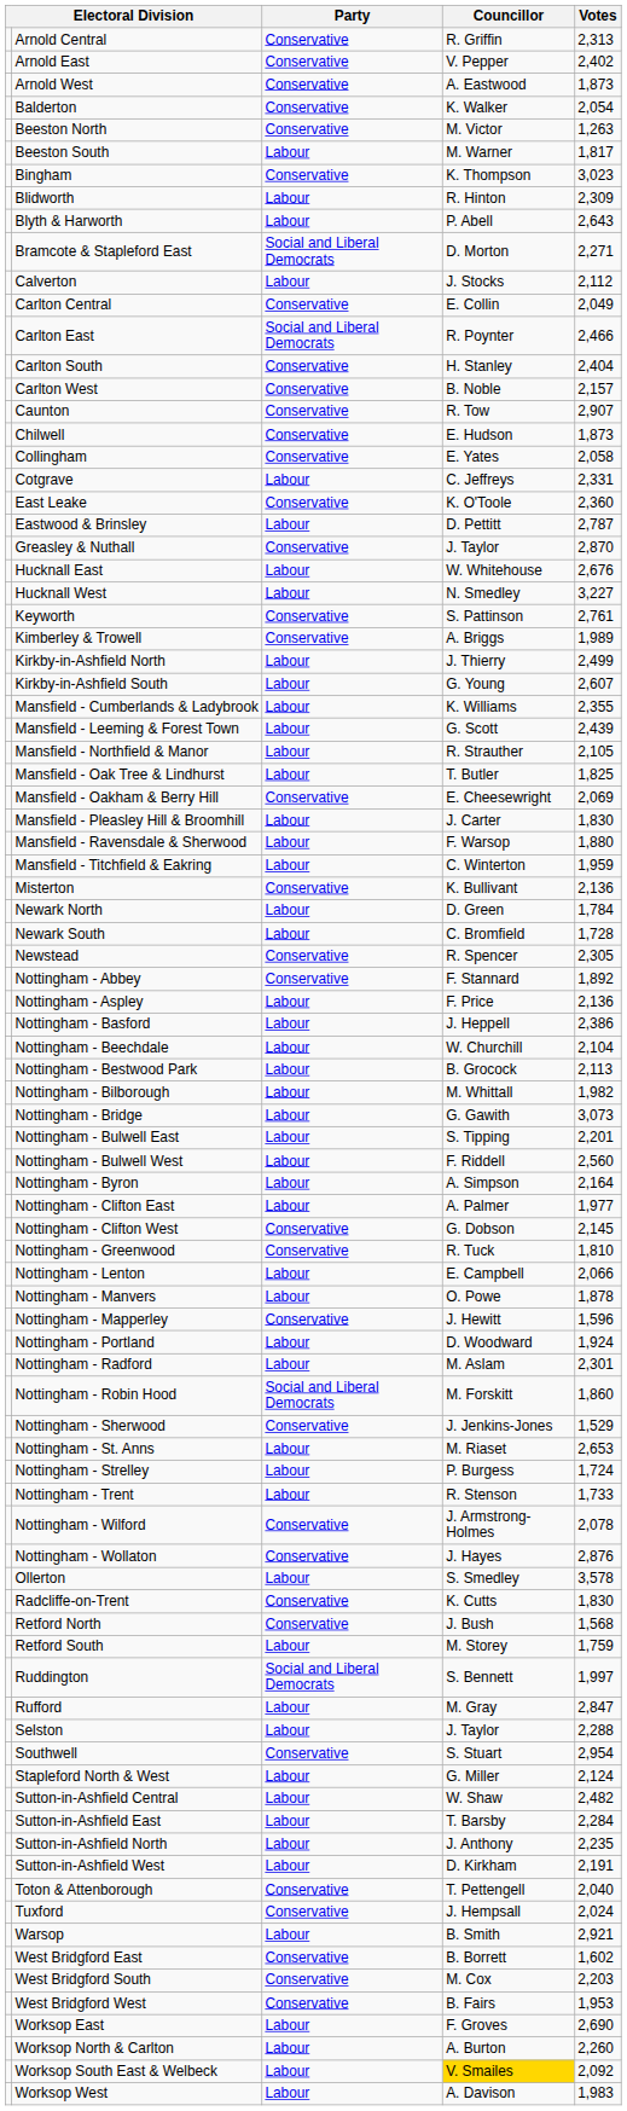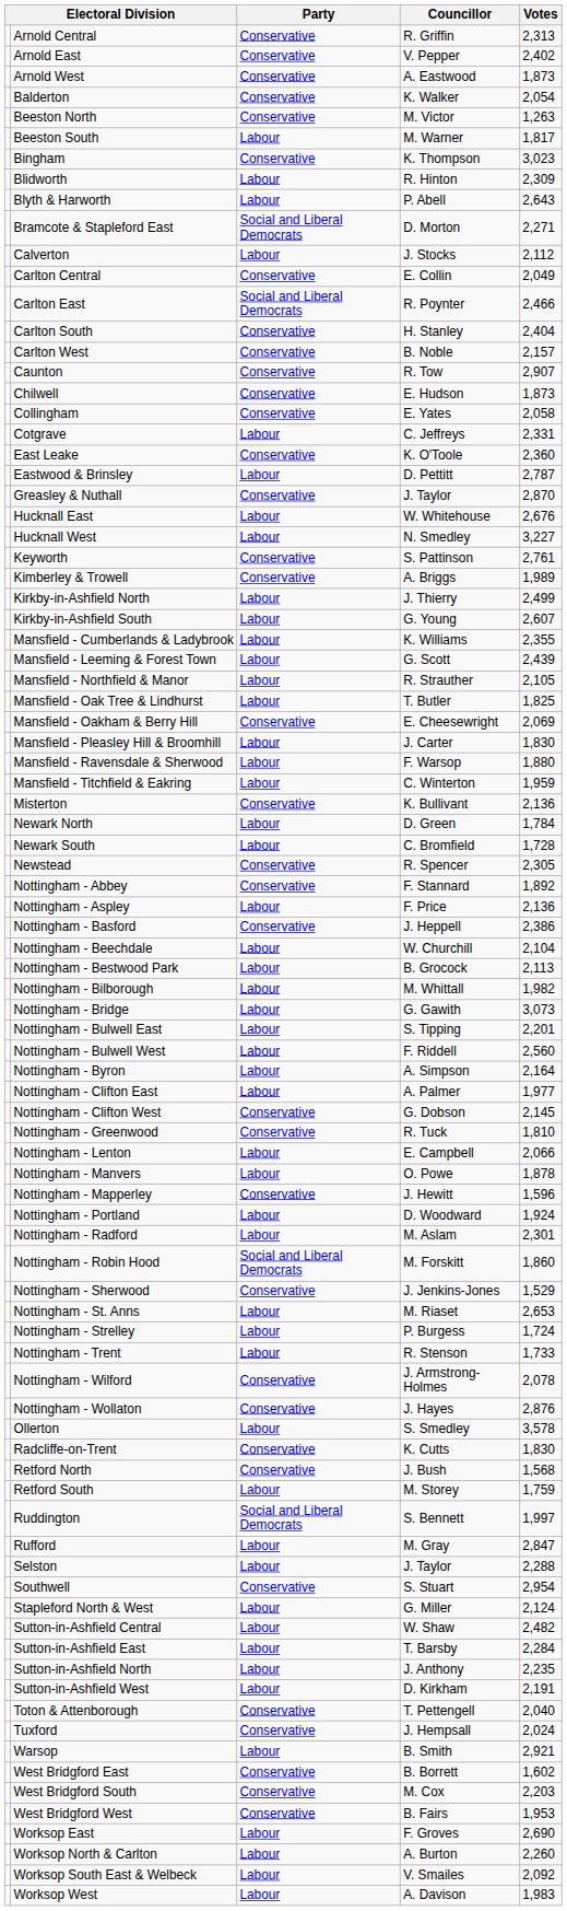 <table class="wikitable">
 <tr>
 <th colspan="2">Electoral Division</th>
 <th width="195px">Party</th>
 <th width="140px">Councillor</th>
 <th width="45px">Votes</th>
 </tr>
 <tr>
 <td style="color:inherit;background:"></td>
 <td>Arnold Central</td>
 <td><a href='#'>Conservative</a></td>
 <td>R. Griffin</td>
 <td>2,313</td>
 </tr>
 <tr>
 <td style="color:inherit;background:"></td>
 <td>Arnold East</td>
 <td><a href='#'>Conservative</a></td>
 <td>V. Pepper</td>
 <td>2,402</td>
 </tr>
 <tr>
 <td style="color:inherit;background:"></td>
 <td>Arnold West</td>
 <td><a href='#'>Conservative</a></td>
 <td>A. Eastwood</td>
 <td>1,873</td>
 </tr>
 <tr>
 <td style="color:inherit;background:"></td>
 <td>Balderton</td>
 <td><a href='#'>Conservative</a></td>
 <td>K. Walker</td>
 <td>2,054</td>
 </tr>
 <tr>
 <td style="color:inherit;background:"></td>
 <td>Beeston North</td>
 <td><a href='#'>Conservative</a></td>
 <td>M. Victor</td>
 <td>1,263</td>
 </tr>
 <tr>
 <td style="color:inherit;background:"></td>
 <td>Beeston South</td>
 <td><a href='#'>Labour</a></td>
 <td>M. Warner</td>
 <td>1,817</td>
 </tr>
 <tr>
 <td style="color:inherit;background:"></td>
 <td>Bingham</td>
 <td><a href='#'>Conservative</a></td>
 <td>K. Thompson</td>
 <td>3,023</td>
 </tr>
 <tr>
 <td style="color:inherit;background:"></td>
 <td>Blidworth</td>
 <td><a href='#'>Labour</a></td>
 <td>R. Hinton</td>
 <td>2,309</td>
 </tr>
 <tr>
 <td style="color:inherit;background:"></td>
 <td>Blyth & Harworth</td>
 <td><a href='#'>Labour</a></td>
 <td>P. Abell</td>
 <td>2,643</td>
 </tr>
 <tr>
 <td style="color:inherit;background:"></td>
 <td>Bramcote & Stapleford East</td>
 <td><a href='#'>Social and Liberal Democrats</a></td>
 <td>D. Morton</td>
 <td>2,271</td>
 </tr>
 <tr>
 <td style="color:inherit;background:"></td>
 <td>Calverton</td>
 <td><a href='#'>Labour</a></td>
 <td>J. Stocks</td>
 <td>2,112</td>
 </tr>
 <tr>
 <td style="color:inherit;background:"></td>
 <td>Carlton Central</td>
 <td><a href='#'>Conservative</a></td>
 <td>E. Collin</td>
 <td>2,049</td>
 </tr>
 <tr>
 <td style="color:inherit;background:"></td>
 <td>Carlton East</td>
 <td><a href='#'>Social and Liberal Democrats</a></td>
 <td>R. Poynter</td>
 <td>2,466</td>
 </tr>
 <tr>
 <td style="color:inherit;background:"></td>
 <td>Carlton South</td>
 <td><a href='#'>Conservative</a></td>
 <td>H. Stanley</td>
 <td>2,404</td>
 </tr>
 <tr>
 <td style="color:inherit;background:"></td>
 <td>Carlton West</td>
 <td><a href='#'>Conservative</a></td>
 <td>B. Noble</td>
 <td>2,157</td>
 </tr>
 <tr>
 <td style="color:inherit;background:"></td>
 <td>Caunton</td>
 <td><a href='#'>Conservative</a></td>
 <td>R. Tow</td>
 <td>2,907</td>
 </tr>
 <tr>
 <td style="color:inherit;background:"></td>
 <td>Chilwell</td>
 <td><a href='#'>Conservative</a></td>
 <td>E. Hudson</td>
 <td>1,873</td>
 </tr>
 <tr>
 <td style="color:inherit;background:"></td>
 <td>Collingham</td>
 <td><a href='#'>Conservative</a></td>
 <td>E. Yates</td>
 <td>2,058</td>
 </tr>
 <tr>
 <td style="color:inherit;background:"></td>
 <td>Cotgrave</td>
 <td><a href='#'>Labour</a></td>
 <td>C. Jeffreys</td>
 <td>2,331</td>
 </tr>
 <tr>
 <td style="color:inherit;background:"></td>
 <td>East Leake</td>
 <td><a href='#'>Conservative</a></td>
 <td>K. O'Toole</td>
 <td>2,360</td>
 </tr>
 <tr>
 <td style="color:inherit;background:"></td>
 <td>Eastwood & Brinsley</td>
 <td><a href='#'>Labour</a></td>
 <td>D. Pettitt</td>
 <td>2,787</td>
 </tr>
 <tr>
 <td style="color:inherit;background:"></td>
 <td>Greasley & Nuthall</td>
 <td><a href='#'>Conservative</a></td>
 <td>J. Taylor</td>
 <td>2,870</td>
 </tr>
 <tr>
 <td style="color:inherit;background:"></td>
 <td>Hucknall East</td>
 <td><a href='#'>Labour</a></td>
 <td>W. Whitehouse</td>
 <td>2,676</td>
 </tr>
 <tr>
 <td style="color:inherit;background:"></td>
 <td>Hucknall West</td>
 <td><a href='#'>Labour</a></td>
 <td>N. Smedley</td>
 <td>3,227</td>
 </tr>
 <tr>
 <td style="color:inherit;background:"></td>
 <td>Keyworth</td>
 <td><a href='#'>Conservative</a></td>
 <td>S. Pattinson</td>
 <td>2,761</td>
 </tr>
 <tr>
 <td style="color:inherit;background:"></td>
 <td>Kimberley & Trowell</td>
 <td><a href='#'>Conservative</a></td>
 <td>A. Briggs</td>
 <td>1,989</td>
 </tr>
 <tr>
 <td style="color:inherit;background:"></td>
 <td>Kirkby-in-Ashfield North</td>
 <td><a href='#'>Labour</a></td>
 <td>J. Thierry</td>
 <td>2,499</td>
 </tr>
 <tr>
 <td style="color:inherit;background:"></td>
 <td>Kirkby-in-Ashfield South</td>
 <td><a href='#'>Labour</a></td>
 <td>G. Young</td>
 <td>2,607</td>
 </tr>
 <tr>
 <td style="color:inherit;background:"></td>
 <td>Mansfield - Cumberlands & Ladybrook</td>
 <td><a href='#'>Labour</a></td>
 <td>K. Williams</td>
 <td>2,355</td>
 </tr>
 <tr>
 <td style="color:inherit;background:"></td>
 <td>Mansfield - Leeming & Forest Town</td>
 <td><a href='#'>Labour</a></td>
 <td>G. Scott</td>
 <td>2,439</td>
 </tr>
 <tr>
 <td style="color:inherit;background:"></td>
 <td>Mansfield - Northfield & Manor</td>
 <td><a href='#'>Labour</a></td>
 <td>R. Strauther</td>
 <td>2,105</td>
 </tr>
 <tr>
 <td style="color:inherit;background:"></td>
 <td>Mansfield - Oak Tree & Lindhurst</td>
 <td><a href='#'>Labour</a></td>
 <td>T. Butler</td>
 <td>1,825</td>
 </tr>
 <tr>
 <td style="color:inherit;background:"></td>
 <td>Mansfield - Oakham & Berry Hill</td>
 <td><a href='#'>Conservative</a></td>
 <td>E. Cheesewright</td>
 <td>2,069</td>
 </tr>
 <tr>
 <td style="color:inherit;background:"></td>
 <td>Mansfield - Pleasley Hill & Broomhill</td>
 <td><a href='#'>Labour</a></td>
 <td>J. Carter</td>
 <td>1,830</td>
 </tr>
 <tr>
 <td style="color:inherit;background:"></td>
 <td>Mansfield - Ravensdale & Sherwood</td>
 <td><a href='#'>Labour</a></td>
 <td>F. Warsop</td>
 <td>1,880</td>
 </tr>
 <tr>
 <td style="color:inherit;background:"></td>
 <td>Mansfield - Titchfield & Eakring</td>
 <td><a href='#'>Labour</a></td>
 <td>C. Winterton</td>
 <td>1,959</td>
 </tr>
 <tr>
 <td style="color:inherit;background:"></td>
 <td>Misterton</td>
 <td><a href='#'>Conservative</a></td>
 <td>K. Bullivant</td>
 <td>2,136</td>
 </tr>
 <tr>
 <td style="color:inherit;background:"></td>
 <td>Newark North</td>
 <td><a href='#'>Labour</a></td>
 <td>D. Green</td>
 <td>1,784</td>
 </tr>
 <tr>
 <td style="color:inherit;background:"></td>
 <td>Newark South</td>
 <td><a href='#'>Labour</a></td>
 <td>C. Bromfield</td>
 <td>1,728</td>
 </tr>
 <tr>
 <td style="color:inherit;background:"></td>
 <td>Newstead</td>
 <td><a href='#'>Conservative</a></td>
 <td>R. Spencer</td>
 <td>2,305</td>
 </tr>
 <tr>
 <td style="color:inherit;background:"></td>
 <td>Nottingham - Abbey</td>
 <td><a href='#'>Conservative</a></td>
 <td>F. Stannard</td>
 <td>1,892</td>
 </tr>
 <tr>
 <td style="color:inherit;background:"></td>
 <td>Nottingham - Aspley</td>
 <td><a href='#'>Labour</a></td>
 <td>F. Price</td>
 <td>2,136</td>
 </tr>
 <tr>
 <td style="color:inherit;background:"></td>
 <td>Nottingham - Basford</td>
-<td><a href='#'>Labour</a></td>
+<td><a href='#'>Conservative</a></td>
 <td>J. Heppell</td>
 <td>2,386</td>
 </tr>
 <tr>
 <td style="color:inherit;background:"></td>
 <td>Nottingham - Beechdale</td>
 <td><a href='#'>Labour</a></td>
 <td>W. Churchill</td>
 <td>2,104</td>
 </tr>
 <tr>
 <td style="color:inherit;background:"></td>
 <td>Nottingham - Bestwood Park</td>
 <td><a href='#'>Labour</a></td>
 <td>B. Grocock</td>
 <td>2,113</td>
 </tr>
 <tr>
 <td style="color:inherit;background:"></td>
 <td>Nottingham - Bilborough</td>
 <td><a href='#'>Labour</a></td>
 <td>M. Whittall</td>
 <td>1,982</td>
 </tr>
 <tr>
 <td style="color:inherit;background:"></td>
 <td>Nottingham - Bridge</td>
 <td><a href='#'>Labour</a></td>
 <td>G. Gawith</td>
 <td>3,073</td>
 </tr>
 <tr>
 <td style="color:inherit;background:"></td>
 <td>Nottingham - Bulwell East</td>
 <td><a href='#'>Labour</a></td>
 <td>S. Tipping</td>
 <td>2,201</td>
 </tr>
 <tr>
 <td style="color:inherit;background:"></td>
 <td>Nottingham - Bulwell West</td>
 <td><a href='#'>Labour</a></td>
 <td>F. Riddell</td>
 <td>2,560</td>
 </tr>
 <tr>
 <td style="color:inherit;background:"></td>
 <td>Nottingham - Byron</td>
 <td><a href='#'>Labour</a></td>
 <td>A. Simpson</td>
 <td>2,164</td>
 </tr>
 <tr>
 <td style="color:inherit;background:"></td>
 <td>Nottingham - Clifton East</td>
 <td><a href='#'>Labour</a></td>
 <td>A. Palmer</td>
 <td>1,977</td>
 </tr>
 <tr>
 <td style="color:inherit;background:"></td>
 <td>Nottingham - Clifton West</td>
 <td><a href='#'>Conservative</a></td>
 <td>G. Dobson</td>
 <td>2,145</td>
 </tr>
 <tr>
 <td style="color:inherit;background:"></td>
 <td>Nottingham - Greenwood</td>
 <td><a href='#'>Conservative</a></td>
 <td>R. Tuck</td>
 <td>1,810</td>
 </tr>
 <tr>
 <td style="color:inherit;background:"></td>
 <td>Nottingham - Lenton</td>
 <td><a href='#'>Labour</a></td>
 <td>E. Campbell</td>
 <td>2,066</td>
 </tr>
 <tr>
 <td style="color:inherit;background:"></td>
 <td>Nottingham - Manvers</td>
 <td><a href='#'>Labour</a></td>
 <td>O. Powe</td>
 <td>1,878</td>
 </tr>
 <tr>
 <td style="color:inherit;background:"></td>
 <td>Nottingham - Mapperley</td>
 <td><a href='#'>Conservative</a></td>
 <td>J. Hewitt</td>
 <td>1,596</td>
 </tr>
 <tr>
 <td style="color:inherit;background:"></td>
 <td>Nottingham - Portland</td>
 <td><a href='#'>Labour</a></td>
 <td>D. Woodward</td>
 <td>1,924</td>
 </tr>
 <tr>
 <td style="color:inherit;background:"></td>
 <td>Nottingham - Radford</td>
 <td><a href='#'>Labour</a></td>
 <td>M. Aslam</td>
 <td>2,301</td>
 </tr>
 <tr>
 <td style="color:inherit;background:"></td>
 <td>Nottingham - Robin Hood</td>
 <td><a href='#'>Social and Liberal Democrats</a></td>
 <td>M. Forskitt</td>
 <td>1,860</td>
 </tr>
 <tr>
 <td style="color:inherit;background:"></td>
 <td>Nottingham - Sherwood</td>
 <td><a href='#'>Conservative</a></td>
 <td>J. Jenkins-Jones</td>
 <td>1,529</td>
 </tr>
 <tr>
 <td style="color:inherit;background:"></td>
 <td>Nottingham - St. Anns</td>
 <td><a href='#'>Labour</a></td>
 <td>M. Riaset</td>
 <td>2,653</td>
 </tr>
 <tr>
 <td style="color:inherit;background:"></td>
 <td>Nottingham - Strelley</td>
 <td><a href='#'>Labour</a></td>
 <td>P. Burgess</td>
 <td>1,724</td>
 </tr>
 <tr>
 <td style="color:inherit;background:"></td>
 <td>Nottingham - Trent</td>
 <td><a href='#'>Labour</a></td>
 <td>R. Stenson</td>
 <td>1,733</td>
 </tr>
 <tr>
 <td style="color:inherit;background:"></td>
 <td>Nottingham - Wilford</td>
 <td><a href='#'>Conservative</a></td>
 <td>J. Armstrong-Holmes</td>
 <td>2,078</td>
 </tr>
 <tr>
 <td style="color:inherit;background:"></td>
 <td>Nottingham - Wollaton</td>
 <td><a href='#'>Conservative</a></td>
 <td>J. Hayes</td>
 <td>2,876</td>
 </tr>
 <tr>
 <td style="color:inherit;background:"></td>
 <td>Ollerton</td>
 <td><a href='#'>Labour</a></td>
 <td>S. Smedley</td>
 <td>3,578</td>
 </tr>
 <tr>
 <td style="color:inherit;background:"></td>
 <td>Radcliffe-on-Trent</td>
 <td><a href='#'>Conservative</a></td>
 <td>K. Cutts</td>
 <td>1,830</td>
 </tr>
 <tr>
 <td style="color:inherit;background:"></td>
 <td>Retford North</td>
 <td><a href='#'>Conservative</a></td>
 <td>J. Bush</td>
 <td>1,568</td>
 </tr>
 <tr>
 <td style="color:inherit;background:"></td>
 <td>Retford South</td>
 <td><a href='#'>Labour</a></td>
 <td>M. Storey</td>
 <td>1,759</td>
 </tr>
 <tr>
 <td style="color:inherit;background:"></td>
 <td>Ruddington</td>
 <td><a href='#'>Social and Liberal Democrats</a></td>
 <td>S. Bennett</td>
 <td>1,997</td>
 </tr>
 <tr>
 <td style="color:inherit;background:"></td>
 <td>Rufford</td>
 <td><a href='#'>Labour</a></td>
 <td>M. Gray</td>
 <td>2,847</td>
 </tr>
 <tr>
 <td style="color:inherit;background:"></td>
 <td>Selston</td>
 <td><a href='#'>Labour</a></td>
 <td>J. Taylor</td>
 <td>2,288</td>
 </tr>
 <tr>
 <td style="color:inherit;background:"></td>
 <td>Southwell</td>
 <td><a href='#'>Conservative</a></td>
 <td>S. Stuart</td>
 <td>2,954</td>
 </tr>
 <tr>
 <td style="color:inherit;background:"></td>
 <td>Stapleford North & West</td>
 <td><a href='#'>Labour</a></td>
 <td>G. Miller</td>
 <td>2,124</td>
 </tr>
 <tr>
 <td style="color:inherit;background:"></td>
 <td>Sutton-in-Ashfield Central</td>
 <td><a href='#'>Labour</a></td>
 <td>W. Shaw</td>
 <td>2,482</td>
 </tr>
 <tr>
 <td style="color:inherit;background:"></td>
 <td>Sutton-in-Ashfield East</td>
 <td><a href='#'>Labour</a></td>
 <td>T. Barsby</td>
 <td>2,284</td>
 </tr>
 <tr>
 <td style="color:inherit;background:"></td>
 <td>Sutton-in-Ashfield North</td>
 <td><a href='#'>Labour</a></td>
 <td>J. Anthony</td>
 <td>2,235</td>
 </tr>
 <tr>
 <td style="color:inherit;background:"></td>
 <td>Sutton-in-Ashfield West</td>
 <td><a href='#'>Labour</a></td>
 <td>D. Kirkham</td>
 <td>2,191</td>
 </tr>
 <tr>
 <td style="color:inherit;background:"></td>
 <td>Toton & Attenborough</td>
 <td><a href='#'>Conservative</a></td>
 <td>T. Pettengell</td>
 <td>2,040</td>
 </tr>
 <tr>
 <td style="color:inherit;background:"></td>
 <td>Tuxford</td>
 <td><a href='#'>Conservative</a></td>
 <td>J. Hempsall</td>
 <td>2,024</td>
 </tr>
 <tr>
 <td style="color:inherit;background:"></td>
 <td>Warsop</td>
 <td><a href='#'>Labour</a></td>
 <td>B. Smith</td>
 <td>2,921</td>
 </tr>
 <tr>
 <td style="color:inherit;background:"></td>
 <td>West Bridgford East</td>
 <td><a href='#'>Conservative</a></td>
 <td>B. Borrett</td>
 <td>1,602</td>
 </tr>
 <tr>
 <td style="color:inherit;background:"></td>
 <td>West Bridgford South</td>
 <td><a href='#'>Conservative</a></td>
 <td>M. Cox</td>
 <td>2,203</td>
 </tr>
 <tr>
 <td style="color:inherit;background:"></td>
 <td>West Bridgford West</td>
 <td><a href='#'>Conservative</a></td>
 <td>B. Fairs</td>
 <td>1,953</td>
 </tr>
 <tr>
 <td style="color:inherit;background:"></td>
 <td>Worksop East</td>
 <td><a href='#'>Labour</a></td>
 <td>F. Groves</td>
 <td>2,690</td>
 </tr>
 <tr>
 <td style="color:inherit;background:"></td>
 <td>Worksop North & Carlton</td>
 <td><a href='#'>Labour</a></td>
 <td>A. Burton</td>
 <td>2,260</td>
 </tr>
 <tr>
 <td style="color:inherit;background:"></td>
 <td>Worksop South East & Welbeck</td>
 <td><a href='#'>Labour</a></td>
-<td style="background: gold;">V. Smailes</td>
+<td>V. Smailes</td>
 <td>2,092</td>
 </tr>
 <tr>
 <td style="color:inherit;background:"></td>
 <td>Worksop West</td>
 <td><a href='#'>Labour</a></td>
 <td>A. Davison</td>
 <td>1,983</td>
 </tr>
 </table>
